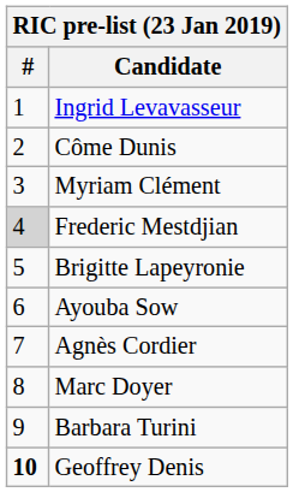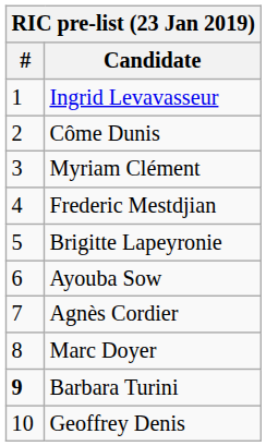 <table class="wikitable collapsible collapsed" style="font-size:90%; float:right; padding:5px">
 <tr>
 <th colspan="2">RIC pre-list (23 Jan 2019)</th>
 </tr>
 <tr>
 <th>#</th>
 <th>Candidate</th>
 </tr>
 <tr>
 <td>1</td>
 <td><a href='#'>Ingrid Levavasseur</a></td>
 </tr>
 <tr>
 <td>2</td>
 <td>Côme Dunis</td>
 </tr>
 <tr>
 <td>3</td>
 <td>Myriam Clément</td>
 </tr>
 <tr>
-<td style="background: lightgrey;">4</td>
+<td>4</td>
 <td>Frederic Mestdjian</td>
 </tr>
 <tr>
 <td>5</td>
 <td>Brigitte Lapeyronie</td>
 </tr>
 <tr>
 <td>6</td>
 <td>Ayouba Sow</td>
 </tr>
 <tr>
 <td>7</td>
 <td>Agnès Cordier</td>
 </tr>
 <tr>
 <td>8</td>
 <td>Marc Doyer</td>
 </tr>
 <tr>
-<td>9</td>
+<td><strong>9</strong></td>
 <td>Barbara Turini</td>
 </tr>
 <tr>
-<td><strong>10</strong></td>
+<td>10</td>
 <td>Geoffrey Denis</td>
 </tr>
 </table>
